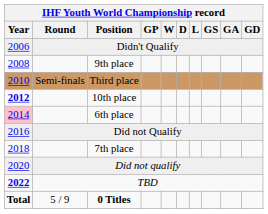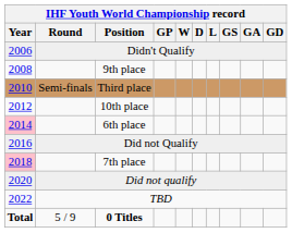 <table class="wikitable" style="text-align: center;">
 <tr>
 <th colspan=11><a href='#'>IHF Youth World Championship</a> record</th>
 </tr>
 <tr>
 <th>Year</th>
 <th>Round</th>
 <th>Position</th>
 <th>GP</th>
 <th>W</th>
 <th>D</th>
 <th>L</th>
 <th>GS</th>
 <th>GA</th>
 <th>GD</th>
 </tr>
 <tr bgcolor="efefef">
 <td> <a href='#'>2006</a></td>
 <td colspan=10>Didn't Qualify</td>
 </tr>
 <tr>
 <td> <a href='#'>2008</a></td>
 <td></td>
 <td>9th place</td>
 <td></td>
 <td></td>
 <td></td>
 <td></td>
 <td></td>
 <td></td>
 <td></td>
 </tr>
 <tr bgcolor=cc9966>
 <td> <a href='#'>2010</a></td>
 <td>Semi-finals</td>
 <td>Third place</td>
 <td></td>
 <td></td>
 <td></td>
 <td></td>
 <td></td>
 <td></td>
 <td></td>
 </tr>
 <tr>
-<td><strong> <a href='#'>2012</a></strong></td>
+<td> <a href='#'>2012</a></td>
 <td></td>
 <td>10th place</td>
 <td></td>
 <td></td>
 <td></td>
 <td></td>
 <td></td>
 <td></td>
 <td></td>
 </tr>
 <tr>
 <td style="background: pink;"> <a href='#'>2014</a></td>
 <td></td>
 <td>6th place</td>
 <td></td>
 <td></td>
 <td></td>
 <td></td>
 <td></td>
 <td></td>
 <td></td>
 </tr>
 <tr bgcolor="efefef">
 <td> <a href='#'>2016</a></td>
 <td colspan=10>Did not Qualify</td>
 </tr>
 <tr>
-<td> <a href='#'>2018</a></td>
+<td style="background: pink;"> <a href='#'>2018</a></td>
 <td></td>
 <td>7th place</td>
 <td></td>
 <td></td>
 <td></td>
 <td></td>
 <td></td>
 <td></td>
 <td></td>
 </tr>
 <tr bgcolor="efefef">
 <td> <a href='#'>2020</a></td>
 <td colspan=10><em>Did not qualify</em></td>
 </tr>
 <tr>
-<td><strong> <a href='#'>2022</a></strong></td>
+<td> <a href='#'>2022</a></td>
 <td colspan=10><em>TBD</em></td>
 </tr>
 <tr>
 <td><strong>Total</strong></td>
 <td>5 / 9</td>
 <td><strong>0 Titles</strong></td>
 <td></td>
 <td></td>
 <td></td>
 <td></td>
 <td></td>
 <td></td>
 <td></td>
 </tr>
 </table>
